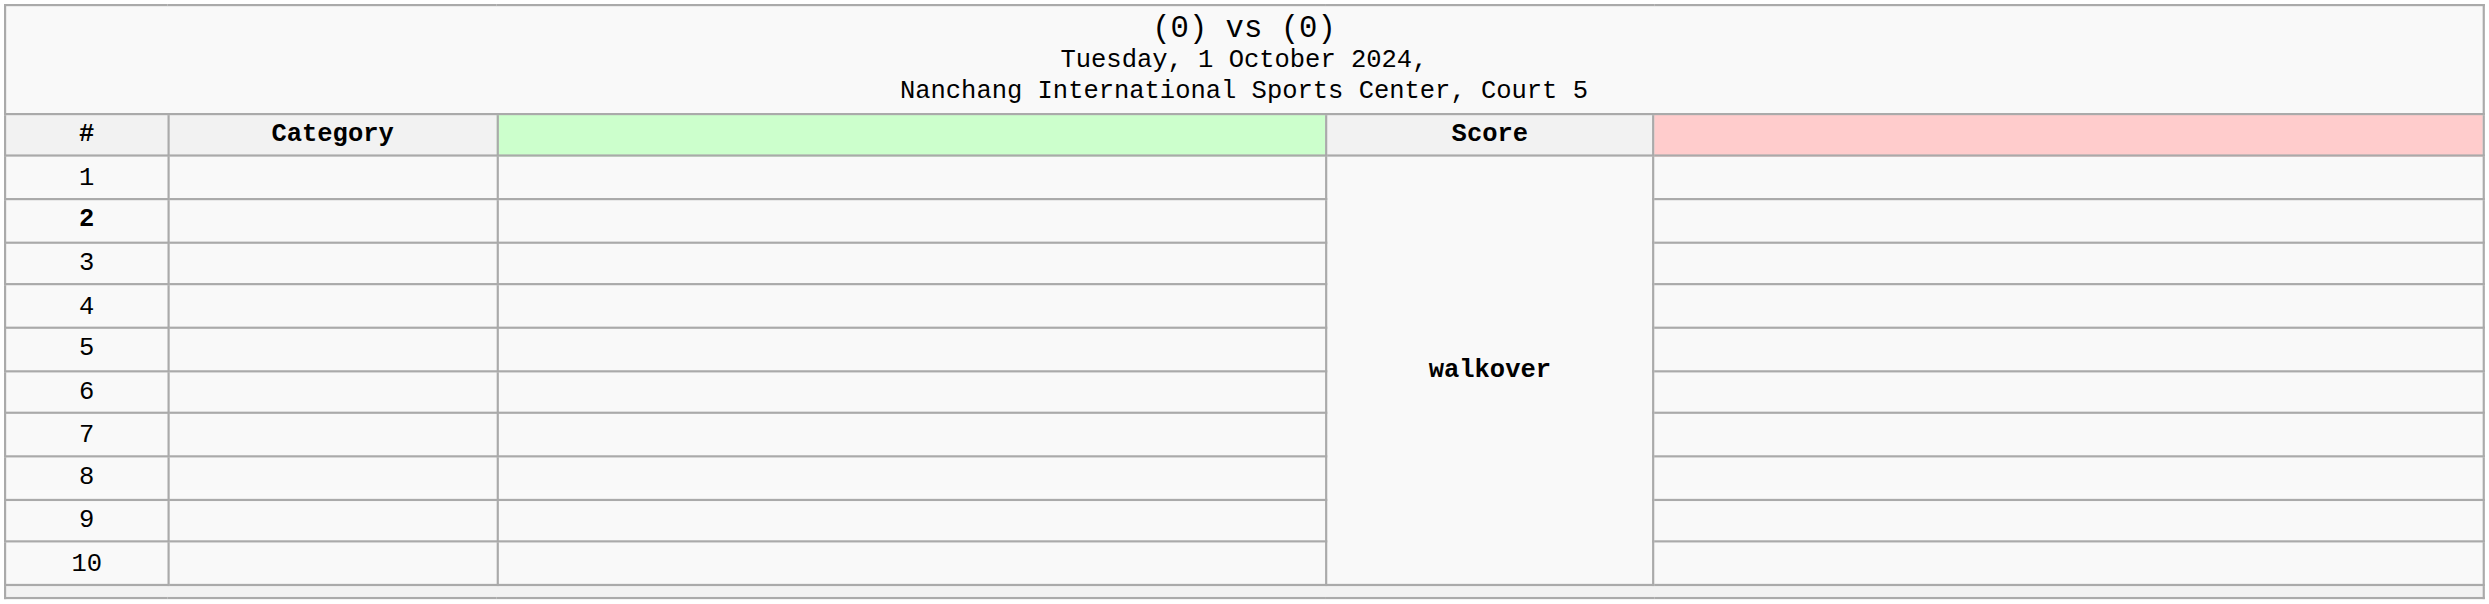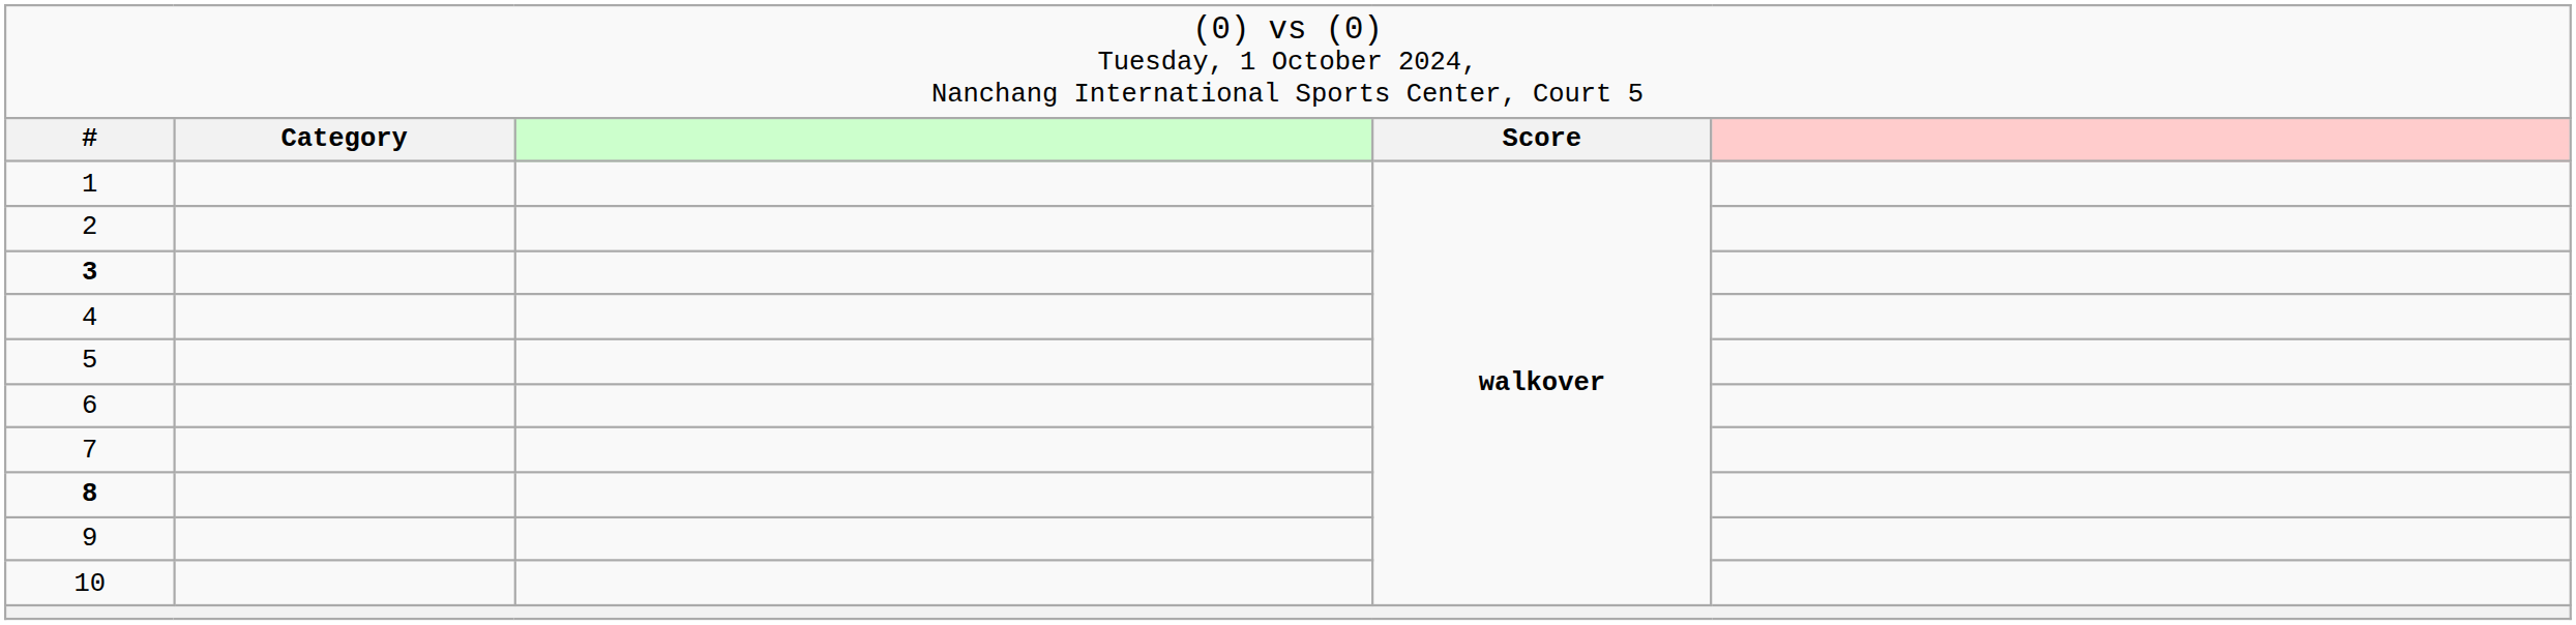 <table class="wikitable mw-collapsible mw-collapsed" style="font-size:90%; text-align:center" width="90%">
 <tr>
 <td colspan="5"><big>(0) <strong></strong> vs  (0)</big><br>Tuesday, 1 October 2024, <br>Nanchang International Sports Center, Court 5</td>
 </tr>
 <tr>
 <th width="25">#</th>
 <th width="50">Category</th>
 <th style="background-color:#CCFFCC" width="150"></th>
 <th width="50">Score<br></th>
 <th style="background-color:#FFCCCC" width="150"></th>
 </tr>
 <tr>
 <td>1</td>
 <td></td>
 <td align="right"></td>
 <td rowspan="10"><strong>walkover</strong></td>
 <td align="left"></td>
 </tr>
 <tr>
-<td><strong>2</strong></td>
+<td>2</td>
 <td></td>
 <td align="right"></td>
 <td align="left"></td>
 </tr>
 <tr>
-<td>3</td>
+<td><strong>3</strong></td>
 <td></td>
 <td align="right"></td>
 <td align="left"></td>
 </tr>
 <tr>
 <td>4</td>
 <td></td>
 <td align="right"></td>
 <td align="left"></td>
 </tr>
 <tr>
 <td>5</td>
 <td></td>
 <td align="right"></td>
 <td align="left"></td>
 </tr>
 <tr>
 <td>6</td>
 <td></td>
 <td align="right"></td>
 <td align="left"></td>
 </tr>
 <tr>
 <td>7</td>
 <td></td>
 <td align="right"></td>
 <td align="left"></td>
 </tr>
 <tr>
-<td>8</td>
+<td><strong>8</strong></td>
 <td></td>
 <td align="right"></td>
 <td align="left"></td>
 </tr>
 <tr>
 <td>9</td>
 <td></td>
 <td align="right"></td>
 <td align="left"></td>
 </tr>
 <tr>
 <td>10</td>
 <td></td>
 <td align="right"></td>
 <td align="left"></td>
 </tr>
 <tr>
 <th colspan="5"></th>
 </tr>
 </table>
